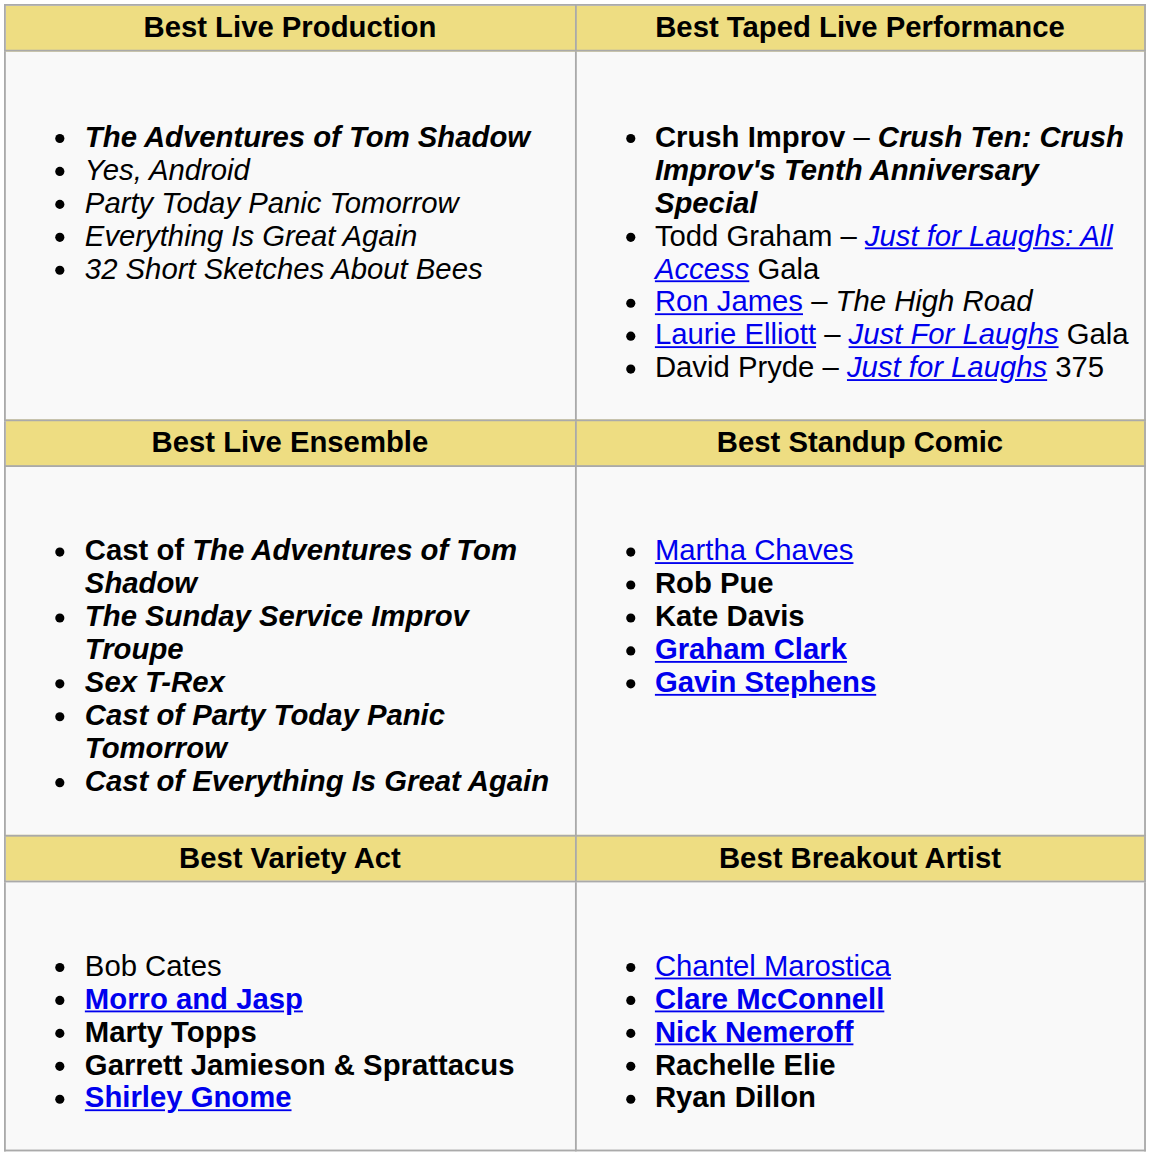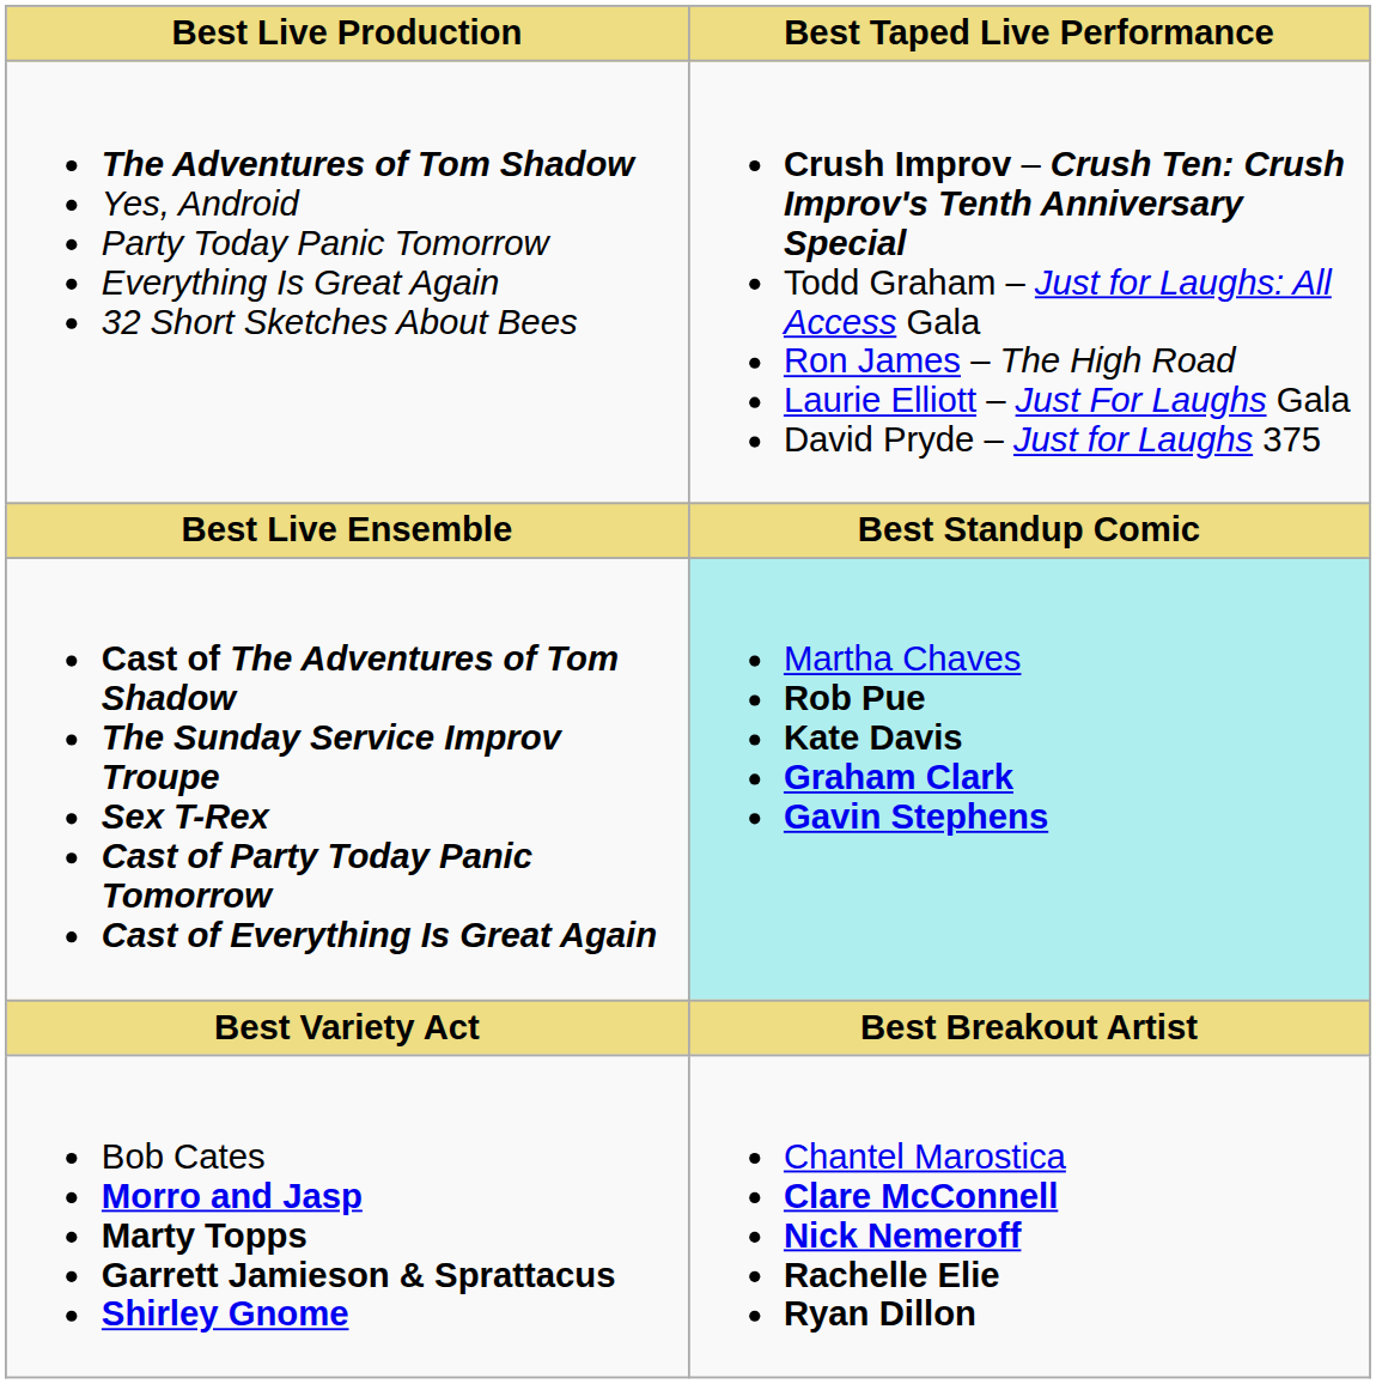 <table class="wikitable" style="width:100%;">
 <tr>
 <th style="background:#EEDD82; width:50%">Best Live Production</th>
 <th style="background:#EEDD82; width:50%">Best Taped Live Performance</th>
 </tr>
 <tr>
 <td valign="top"><br><ul><li> <strong><em>The Adventures of Tom Shadow</em></strong></li><li><em>Yes, Android</em></li><li><em>Party Today Panic Tomorrow</em></li><li><em>Everything Is Great Again</em></li><li><em>32 Short Sketches About Bees</em></li></ul></td>
 <td valign="top"><br><ul><li> <strong>Crush Improv</strong> – <strong><em>Crush Ten: Crush Improv's Tenth Anniversary Special</em></strong></li><li>Todd Graham – <em><a href='#'>Just for Laughs: All Access</a></em> Gala</li><li><a href='#'>Ron James</a> – <em>The High Road</em></li><li><a href='#'>Laurie Elliott</a> – <em><a href='#'>Just For Laughs</a></em> Gala</li><li>David Pryde – <em><a href='#'>Just for Laughs</a></em> 375</li></ul></td>
 </tr>
 <tr>
 <th style="background:#EEDD82; width:50%">Best Live Ensemble</th>
 <th style="background:#EEDD82; width:50%">Best Standup Comic</th>
 </tr>
 <tr>
 <td valign="top"><br><ul><li> <strong>Cast of <em>The Adventures of Tom Shadow<strong><em></li><li>The Sunday Service Improv Troupe</li><li>Sex T-Rex</li><li>Cast of </em>Party Today Panic Tomorrow<em></li><li>Cast of </em>Everything Is Great Again<em></li></ul></td>
-<td valign="top"><br><ul><li> </strong><a href='#'>Martha Chaves</a><strong></li><li>Rob Pue</li><li>Kate Davis</li><li><a href='#'>Graham Clark</a></li><li><a href='#'>Gavin Stephens</a></li></ul></td>
+<td valign="top" style="background: paleturquoise;"><br><ul><li> </strong><a href='#'>Martha Chaves</a><strong></li><li>Rob Pue</li><li>Kate Davis</li><li><a href='#'>Graham Clark</a></li><li><a href='#'>Gavin Stephens</a></li></ul></td>
 </tr>
 <tr>
 <th style="background:#EEDD82; width:50%">Best Variety Act</th>
 <th style="background:#EEDD82; width:50%">Best Breakout Artist</th>
 </tr>
 <tr>
 <td valign="top"><br><ul><li> </strong>Bob Cates<strong></li><li><a href='#'>Morro and Jasp</a></li><li>Marty Topps</li><li>Garrett Jamieson & Sprattacus</li><li><a href='#'>Shirley Gnome</a></li></ul></td>
 <td valign="top"><br><ul><li>  </strong><a href='#'>Chantel Marostica</a><strong></li><li><a href='#'>Clare McConnell</a></li><li><a href='#'>Nick Nemeroff</a></li><li>Rachelle Elie</li><li>Ryan Dillon</li></ul></td>
 </tr>
 </table>
